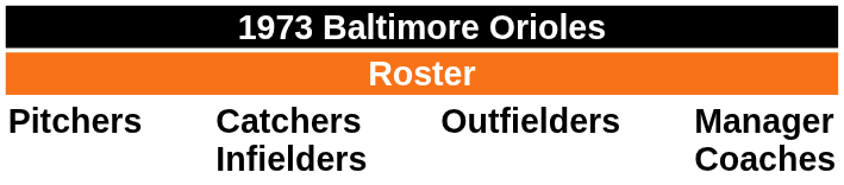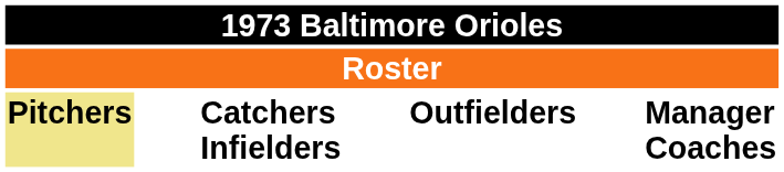 <table class="toccolours" style="font-size: 95%;">
 <tr>
 <th colspan="10" style="background-color: black; color: white; text-align: center;">1973 Baltimore Orioles</th>
 </tr>
 <tr>
 <td colspan="10" style="background-color: #F87217; color: white; text-align: center;"><strong>Roster</strong></td>
 </tr>
 <tr>
-<td valign="top"><strong>Pitchers</strong><br>           </td>
+<td valign="top" style="background: khaki;"><strong>Pitchers</strong><br>           </td>
 <td width="25px"></td>
 <td valign="top"><strong>Catchers</strong><br>    <strong>Infielders</strong>         </td>
 <td width="25px"></td>
 <td valign="top"><strong>Outfielders</strong><br>       </td>
 <td width="25px"></td>
 <td valign="top"><strong>Manager</strong><br> <strong>Coaches</strong>    </td>
 </tr>
 <tr>
 </tr>
 </table>
